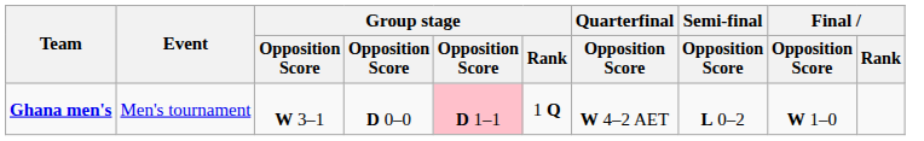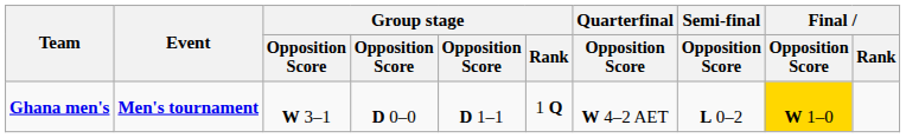 <table class="wikitable" style="font-size:90%">
 <tr>
 <th rowspan=2>Team</th>
 <th rowspan=2>Event</th>
 <th colspan=4>Group stage</th>
 <th>Quarterfinal</th>
 <th>Semi-final</th>
 <th colspan=2>Final / </th>
 </tr>
 <tr style="font-size:95%">
 <th>Opposition<br>Score</th>
 <th>Opposition<br>Score</th>
 <th>Opposition<br>Score</th>
 <th>Rank</th>
 <th>Opposition<br>Score</th>
 <th>Opposition<br>Score</th>
 <th>Opposition<br>Score</th>
 <th>Rank</th>
 </tr>
 <tr align=center>
 <td align=left><strong><a href='#'>Ghana men's</a></strong></td>
-<td align=left><a href='#'>Men's tournament</a></td>
+<td align=left><strong><a href='#'>Men's tournament</a></strong></td>
 <td><br><strong>W</strong> 3–1</td>
 <td><br><strong>D</strong> 0–0</td>
-<td style="background: pink;"><br><strong>D</strong> 1–1</td>
+<td><br><strong>D</strong> 1–1</td>
 <td>1 <strong>Q</strong></td>
 <td><br><strong>W</strong> 4–2 AET</td>
 <td><br><strong>L</strong> 0–2</td>
-<td><br><strong>W</strong> 1–0</td>
+<td style="background: gold;"><br><strong>W</strong> 1–0</td>
 <td></td>
 </tr>
 </table>
